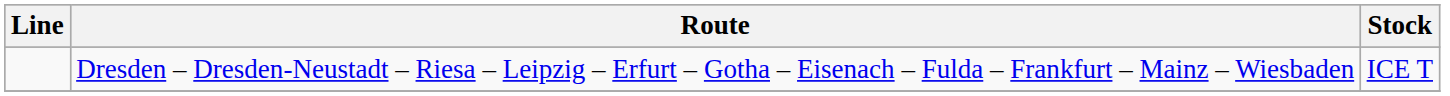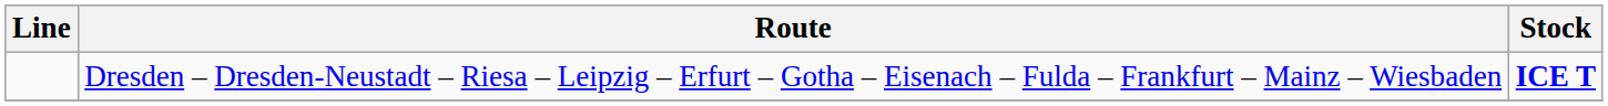 <table class="wikitable">
 <tr class="hintergrundfarbe5">
 <th>Line</th>
 <th>Route</th>
 <th>Stock</th>
 </tr>
 <tr>
 <td></td>
 <td><a href='#'>Dresden</a> – <a href='#'>Dresden-Neustadt</a> – <a href='#'>Riesa</a> – <a href='#'>Leipzig</a> – <a href='#'>Erfurt</a> – <a href='#'>Gotha</a> – <a href='#'>Eisenach</a> – <a href='#'>Fulda</a> – <a href='#'>Frankfurt</a> –  <a href='#'>Mainz</a> – <a href='#'>Wiesbaden</a></td>
-<td><a href='#'>ICE T</a></td>
+<td><strong><a href='#'>ICE T</a></strong></td>
 </tr>
 <tr>
 </tr>
 </table>
